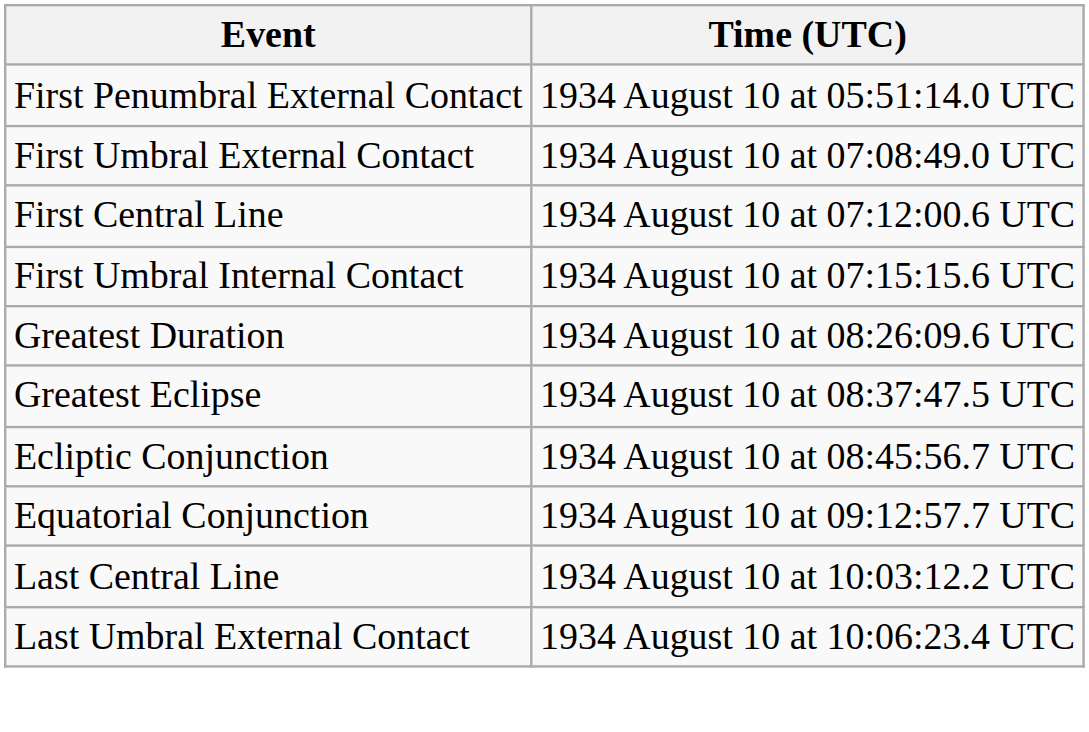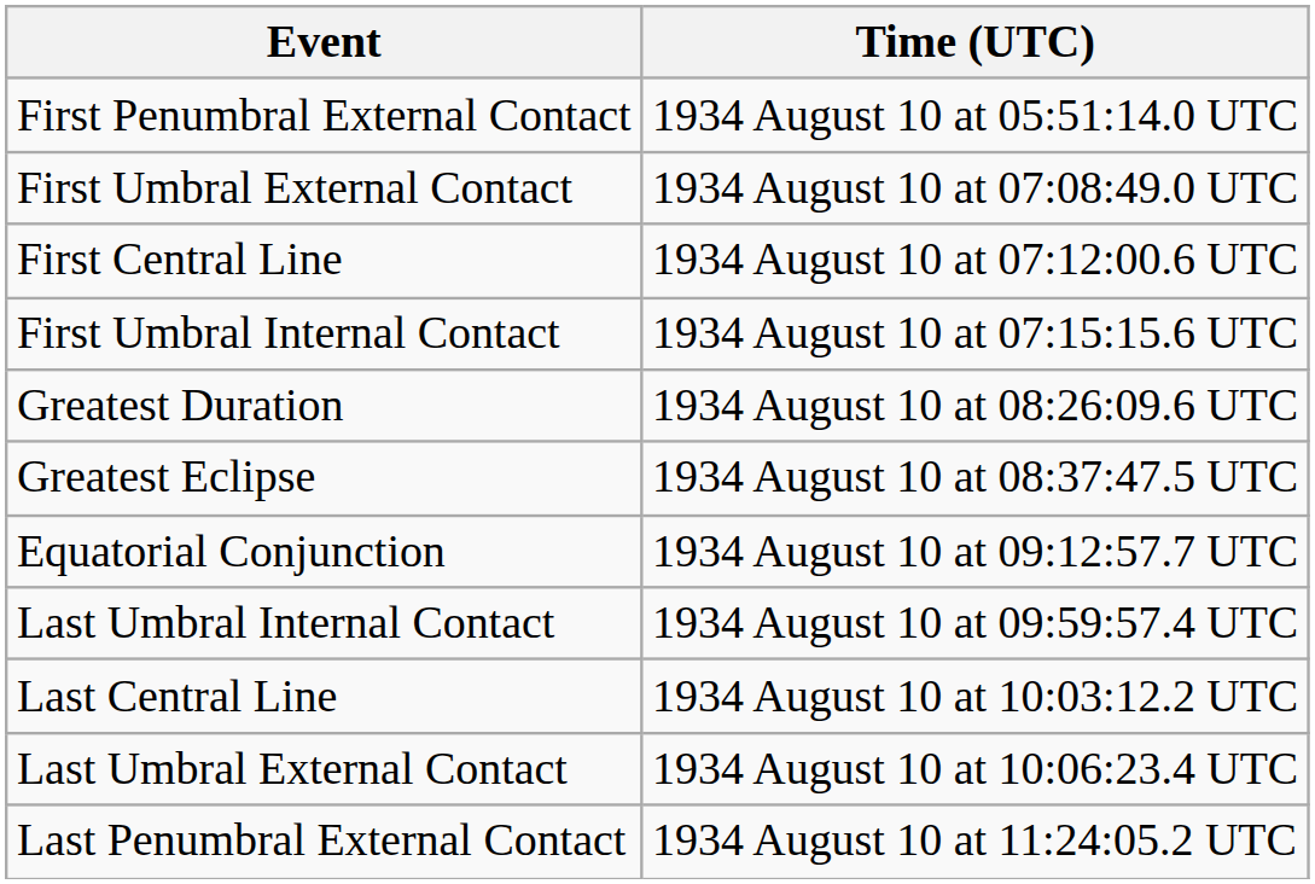 <table class="wikitable">
 <tr>
 <th>Event</th>
 <th>Time (UTC)</th>
 </tr>
 <tr>
 <td>First Penumbral External Contact</td>
 <td>1934 August 10 at 05:51:14.0 UTC</td>
 </tr>
 <tr>
 <td>First Umbral External Contact</td>
 <td>1934 August 10 at 07:08:49.0 UTC</td>
 </tr>
 <tr>
 <td>First Central Line</td>
 <td>1934 August 10 at 07:12:00.6 UTC</td>
 </tr>
 <tr>
 <td>First Umbral Internal Contact</td>
 <td>1934 August 10 at 07:15:15.6 UTC</td>
 </tr>
 <tr>
 <td>Greatest Duration</td>
 <td>1934 August 10 at 08:26:09.6 UTC</td>
 </tr>
 <tr>
 <td>Greatest Eclipse</td>
 <td>1934 August 10 at 08:37:47.5 UTC</td>
 </tr>
 <tr>
-<td>Ecliptic Conjunction</td>
-<td>1934 August 10 at 08:45:56.7 UTC</td>
+<td>Equatorial Conjunction</td>
+<td>1934 August 10 at 09:12:57.7 UTC</td>
 </tr>
 <tr>
-<td>Equatorial Conjunction</td>
-<td>1934 August 10 at 09:12:57.7 UTC</td>
+<td>Last Umbral Internal Contact</td>
+<td>1934 August 10 at 09:59:57.4 UTC</td>
 </tr>
 <tr>
 <td>Last Central Line</td>
 <td>1934 August 10 at 10:03:12.2 UTC</td>
 </tr>
 <tr>
 <td>Last Umbral External Contact</td>
 <td>1934 August 10 at 10:06:23.4 UTC</td>
 </tr>
+<tr>
+<td>Last Penumbral External Contact</td>
+<td>1934 August 10 at 11:24:05.2 UTC</td>
+</tr>
 </table>
